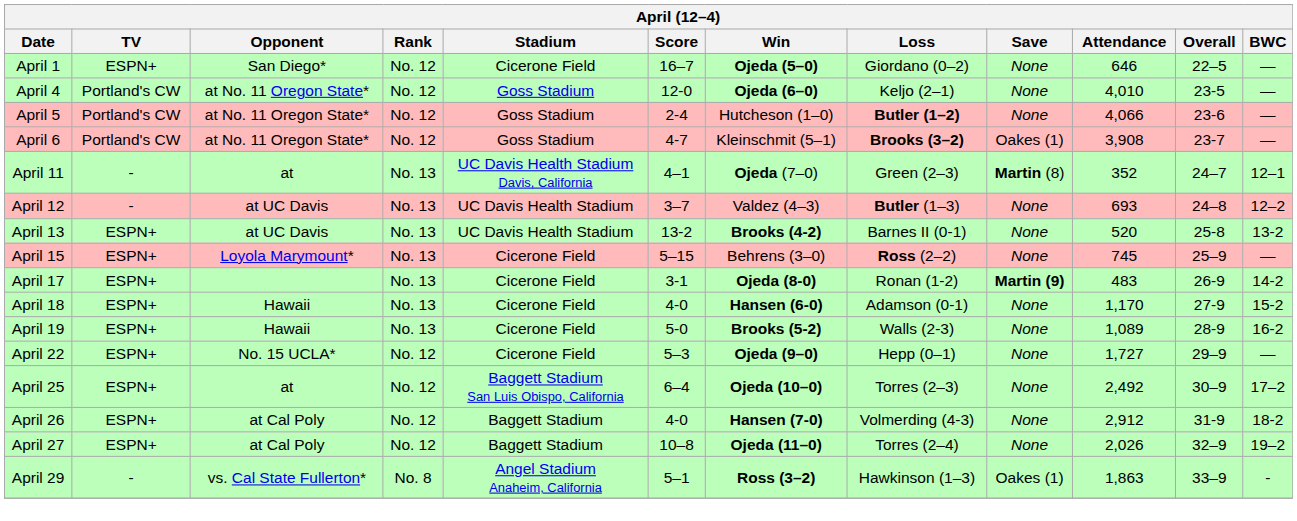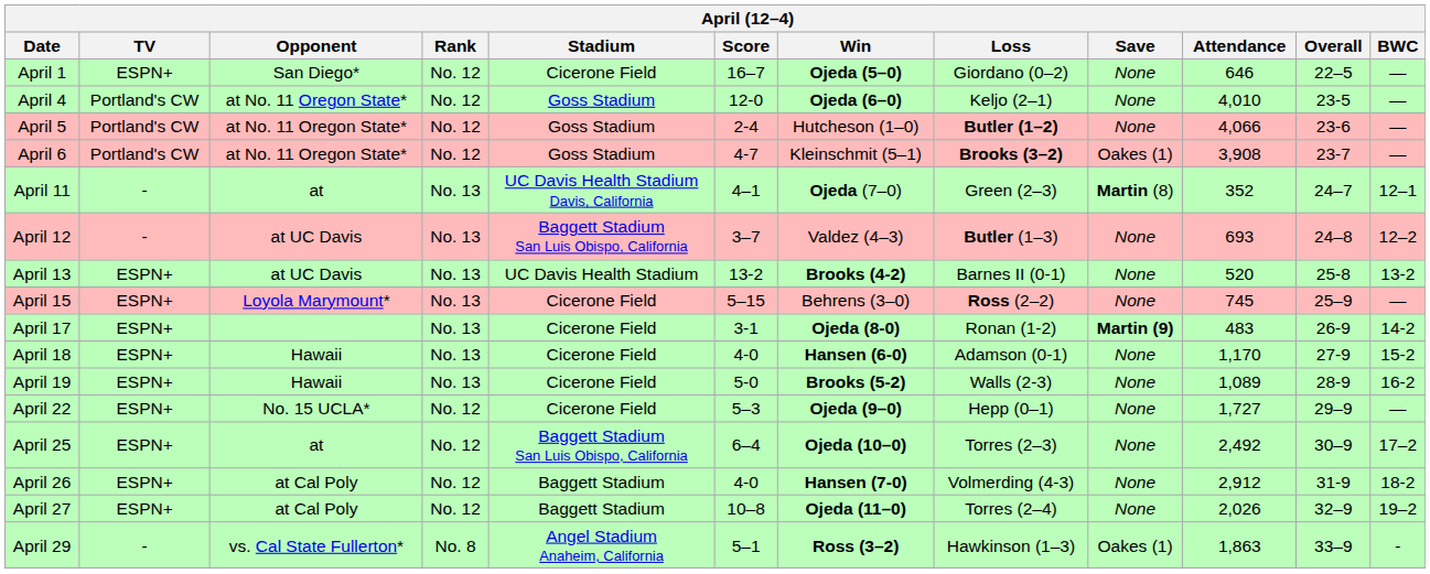 <table class="wikitable collapsible collapsed" style="margin:auto; width:100%; text-align:center; font-size:95%">
 <tr>
 <th colspan=12 style="padding-left:4em;">April (12–4)</th>
 </tr>
 <tr>
 <th bgcolor="#DDDDFF">Date</th>
 <th bgcolor="#DDDDFF">TV</th>
 <th bgcolor="#DDDDFF">Opponent</th>
 <th bgcolor="#DDDDFF">Rank</th>
 <th bgcolor="#DDDDFF">Stadium</th>
 <th bgcolor="#DDDDFF">Score</th>
 <th bgcolor="#DDDDFF">Win</th>
 <th bgcolor="#DDDDFF">Loss</th>
 <th bgcolor="#DDDDFF">Save</th>
 <th bgcolor="#DDDDFF">Attendance</th>
 <th bgcolor="#DDDDFF">Overall</th>
 <th bgcolor="#DDDDFF">BWC</th>
 </tr>
 <tr bgcolor="bbffbb">
 <td>April 1</td>
 <td>ESPN+</td>
 <td>San Diego*</td>
 <td>No. 12</td>
 <td>Cicerone Field</td>
 <td>16–7</td>
 <td><strong>Ojeda (5–0)</strong></td>
 <td>Giordano (0–2)</td>
 <td><em>None</em></td>
 <td>646</td>
 <td>22–5</td>
 <td>—</td>
 </tr>
 <tr bgcolor="bbffbb">
 <td>April 4</td>
 <td>Portland's CW</td>
 <td>at No. 11 <a href='#'>Oregon State</a>*</td>
 <td>No. 12</td>
 <td><a href='#'>Goss Stadium</a></td>
 <td>12-0</td>
 <td><strong>Ojeda (6–0)</strong></td>
 <td>Keljo (2–1)</td>
 <td><em>None</em></td>
 <td>4,010</td>
 <td>23-5</td>
 <td>—</td>
 </tr>
 <tr bgcolor="ffbbbb">
 <td>April 5</td>
 <td>Portland's CW</td>
 <td>at No. 11 Oregon State*</td>
 <td>No. 12</td>
 <td>Goss Stadium</td>
 <td>2-4</td>
 <td>Hutcheson (1–0)</td>
 <td><strong>Butler (1–2)</strong></td>
 <td><em>None</em></td>
 <td>4,066</td>
 <td>23-6</td>
 <td>—</td>
 </tr>
 <tr bgcolor="ffbbbb">
 <td>April 6</td>
 <td>Portland's CW</td>
 <td>at No. 11 Oregon State*</td>
 <td>No. 12</td>
 <td>Goss Stadium</td>
 <td>4-7</td>
 <td>Kleinschmit (5–1)</td>
 <td><strong>Brooks (3–2)</strong></td>
 <td>Oakes (1)</td>
 <td>3,908</td>
 <td>23-7</td>
 <td>—</td>
 </tr>
 <tr bgcolor="bbffbb">
 <td>April 11</td>
 <td>-</td>
 <td>at </td>
 <td>No. 13</td>
 <td><a href='#'>UC Davis Health Stadium</a><br><small><a href='#'>Davis, California</a></small></td>
 <td>4–1</td>
 <td><strong>Ojeda</strong> (7–0)</td>
 <td>Green (2–3)</td>
 <td><strong>Martin</strong> (8)</td>
 <td>352</td>
 <td>24–7</td>
 <td>12–1</td>
 </tr>
 <tr bgcolor="ffbbbb">
 <td>April 12</td>
 <td>-</td>
 <td>at UC Davis</td>
 <td>No. 13</td>
-<td>UC Davis Health Stadium</td>
+<td><a href='#'>Baggett Stadium</a><br><small><a href='#'>San Luis Obispo, California</a></small></td>
 <td>3–7</td>
 <td>Valdez (4–3)</td>
 <td><strong>Butler</strong> (1–3)</td>
 <td><em>None</em></td>
 <td>693</td>
 <td>24–8</td>
 <td>12–2</td>
 </tr>
 <tr bgcolor="bbffbb">
 <td>April 13</td>
 <td>ESPN+</td>
 <td>at UC Davis</td>
 <td>No. 13</td>
 <td>UC Davis Health Stadium</td>
 <td>13-2</td>
 <td><strong>Brooks (4-2)</strong></td>
 <td>Barnes II (0-1)</td>
 <td><em>None</em></td>
 <td>520</td>
 <td>25-8</td>
 <td>13-2</td>
 </tr>
 <tr bgcolor="ffbbbb">
 <td>April 15</td>
 <td>ESPN+</td>
 <td><a href='#'>Loyola Marymount</a>*</td>
 <td>No. 13</td>
 <td>Cicerone Field</td>
 <td>5–15</td>
 <td>Behrens (3–0)</td>
 <td><strong>Ross</strong> (2–2)</td>
 <td><em>None</em></td>
 <td>745</td>
 <td>25–9</td>
 <td>—</td>
 </tr>
 <tr bgcolor="bbffbb">
 <td>April 17</td>
 <td>ESPN+</td>
 <td></td>
 <td>No. 13</td>
 <td>Cicerone Field</td>
 <td>3-1</td>
 <td><strong>Ojeda (8-0)</strong></td>
 <td>Ronan (1-2)</td>
 <td><strong>Martin (9)</strong></td>
 <td>483</td>
 <td>26-9</td>
 <td>14-2</td>
 </tr>
 <tr bgcolor="bbffbb">
 <td>April 18</td>
 <td>ESPN+</td>
 <td>Hawaii</td>
 <td>No. 13</td>
 <td>Cicerone Field</td>
 <td>4-0</td>
 <td><strong>Hansen (6-0)</strong></td>
 <td>Adamson (0-1)</td>
 <td><em>None</em></td>
 <td>1,170</td>
 <td>27-9</td>
 <td>15-2</td>
 </tr>
 <tr bgcolor="bbffbb">
 <td>April 19</td>
 <td>ESPN+</td>
 <td>Hawaii</td>
 <td>No. 13</td>
 <td>Cicerone Field</td>
 <td>5-0</td>
 <td><strong>Brooks (5-2)</strong></td>
 <td>Walls (2-3)</td>
 <td><em>None</em></td>
 <td>1,089</td>
 <td>28-9</td>
 <td>16-2</td>
 </tr>
 <tr bgcolor="bbffbb">
 <td>April 22</td>
 <td>ESPN+</td>
 <td>No. 15 UCLA*</td>
 <td>No. 12</td>
 <td>Cicerone Field</td>
 <td>5–3</td>
 <td><strong>Ojeda (9–0)</strong></td>
 <td>Hepp (0–1)</td>
 <td><em>None</em></td>
 <td>1,727</td>
 <td>29–9</td>
 <td>—</td>
 </tr>
 <tr bgcolor="bbffbb">
 <td>April 25</td>
 <td>ESPN+</td>
 <td>at </td>
 <td>No. 12</td>
 <td><a href='#'>Baggett Stadium</a><br><small><a href='#'>San Luis Obispo, California</a></small></td>
 <td>6–4</td>
 <td><strong>Ojeda (10–0)</strong></td>
 <td>Torres (2–3)</td>
 <td><em>None</em></td>
 <td>2,492</td>
 <td>30–9</td>
 <td>17–2</td>
 </tr>
 <tr bgcolor="bbffbb">
 <td>April 26</td>
 <td>ESPN+</td>
 <td>at Cal Poly</td>
 <td>No. 12</td>
 <td>Baggett Stadium</td>
 <td>4-0</td>
 <td><strong>Hansen (7-0)</strong></td>
 <td>Volmerding (4-3)</td>
 <td><em>None</em></td>
 <td>2,912</td>
 <td>31-9</td>
 <td>18-2</td>
 </tr>
 <tr bgcolor="bbffbb">
 <td>April 27</td>
 <td>ESPN+</td>
 <td>at Cal Poly</td>
 <td>No. 12</td>
 <td>Baggett Stadium</td>
 <td>10–8</td>
 <td><strong>Ojeda (11–0)</strong></td>
 <td>Torres (2–4)</td>
 <td><em>None</em></td>
 <td>2,026</td>
 <td>32–9</td>
 <td>19–2</td>
 </tr>
 <tr bgcolor="bbffbb">
 <td>April 29</td>
 <td>-</td>
 <td>vs. <a href='#'>Cal State Fullerton</a>*</td>
 <td>No. 8</td>
 <td><a href='#'>Angel Stadium</a><br><small><a href='#'>Anaheim, California</a></small></td>
 <td>5–1</td>
 <td><strong>Ross (3–2)</strong></td>
 <td>Hawkinson (1–3)</td>
 <td>Oakes (1)</td>
 <td>1,863</td>
 <td>33–9</td>
 <td>-</td>
 </tr>
 <tr>
 </tr>
 </table>
